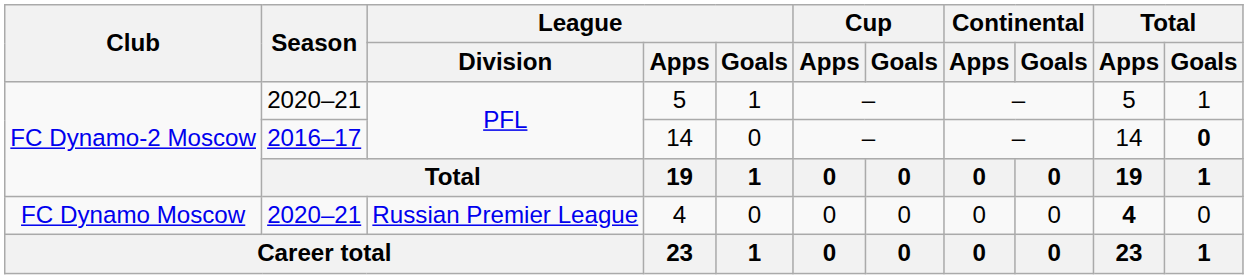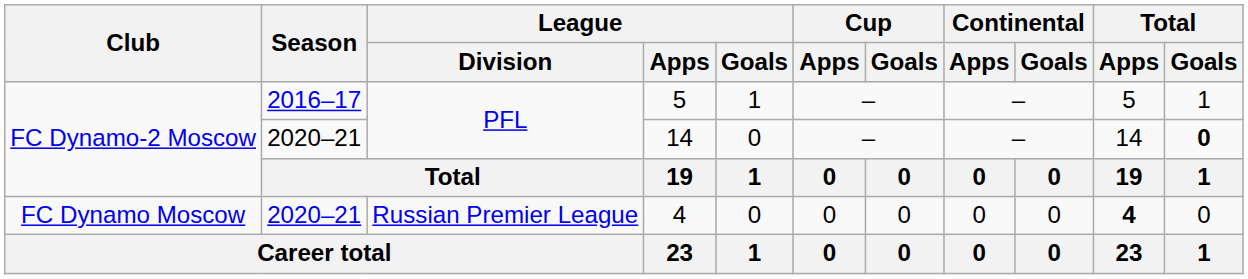 <table class="wikitable" style="text-align: center;">
 <tr>
 <th rowspan=2>Club</th>
 <th rowspan=2>Season</th>
 <th colspan=3>League</th>
 <th colspan=2>Cup</th>
 <th colspan=2>Continental</th>
 <th colspan=2>Total</th>
 </tr>
 <tr>
 <th>Division</th>
 <th>Apps</th>
 <th>Goals</th>
 <th>Apps</th>
 <th>Goals</th>
 <th>Apps</th>
 <th>Goals</th>
 <th>Apps</th>
 <th>Goals</th>
 </tr>
 <tr>
 <td rowspan=3><a href='#'>FC Dynamo-2 Moscow</a></td>
-<td>2020–21</td>
+<td><a href='#'>2016–17</a></td>
 <td rowspan=2><a href='#'>PFL</a></td>
 <td>5</td>
 <td>1</td>
 <td colspan=2>–</td>
 <td colspan=2>–</td>
 <td>5</td>
 <td>1</td>
 </tr>
 <tr>
-<td><a href='#'>2016–17</a></td>
+<td>2020–21</td>
 <td>14</td>
 <td>0</td>
 <td colspan=2>–</td>
 <td colspan=2>–</td>
 <td>14</td>
 <td><strong>0</strong></td>
 </tr>
 <tr>
 <th colspan=2>Total</th>
 <th>19</th>
 <th>1</th>
 <th>0</th>
 <th>0</th>
 <th>0</th>
 <th>0</th>
 <th>19</th>
 <th>1</th>
 </tr>
 <tr>
 <td><a href='#'>FC Dynamo Moscow</a></td>
 <td><a href='#'>2020–21</a></td>
 <td><a href='#'>Russian Premier League</a></td>
 <td>4</td>
 <td>0</td>
 <td>0</td>
 <td>0</td>
 <td>0</td>
 <td>0</td>
 <td><strong>4</strong></td>
 <td>0</td>
 </tr>
 <tr>
 <th colspan=3>Career total</th>
 <th>23</th>
 <th>1</th>
 <th>0</th>
 <th>0</th>
 <th>0</th>
 <th>0</th>
 <th>23</th>
 <th>1</th>
 </tr>
 </table>
